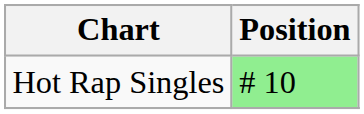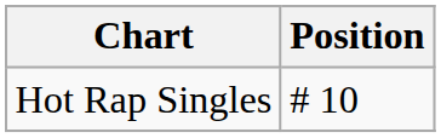 <table class="wikitable">
 <tr>
 <th align="left">Chart</th>
 <th align="left">Position</th>
 </tr>
 <tr>
 <td align="left">Hot Rap Singles</td>
-<td align="left" style="background: lightgreen;"># 10</td>
+<td align="left"># 10</td>
 </tr>
 <tr>
 </tr>
 </table>
